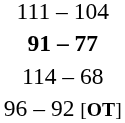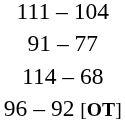 <table style="text-align:center">
 <tr>
 <th width=200></th>
 <th width=100></th>
 <th width=200></th>
 <th></th>
 </tr>
 <tr>
 <td align=right><strong></strong></td>
 <td>111 – 104</td>
 <td align=left></td>
 </tr>
 <tr>
 <td align=right><strong></strong></td>
-<td><strong>91 – 77</strong></td>
+<td>91 – 77</td>
 <td align=left></td>
 </tr>
 <tr>
 <td align=right><strong></strong></td>
 <td>114 – 68</td>
 <td align=left></td>
 </tr>
 <tr>
 <td align=right><strong></strong></td>
 <td>96 – 92 <small>[<strong>OT</strong>]</small></td>
 <td align=left></td>
 </tr>
 </table>
